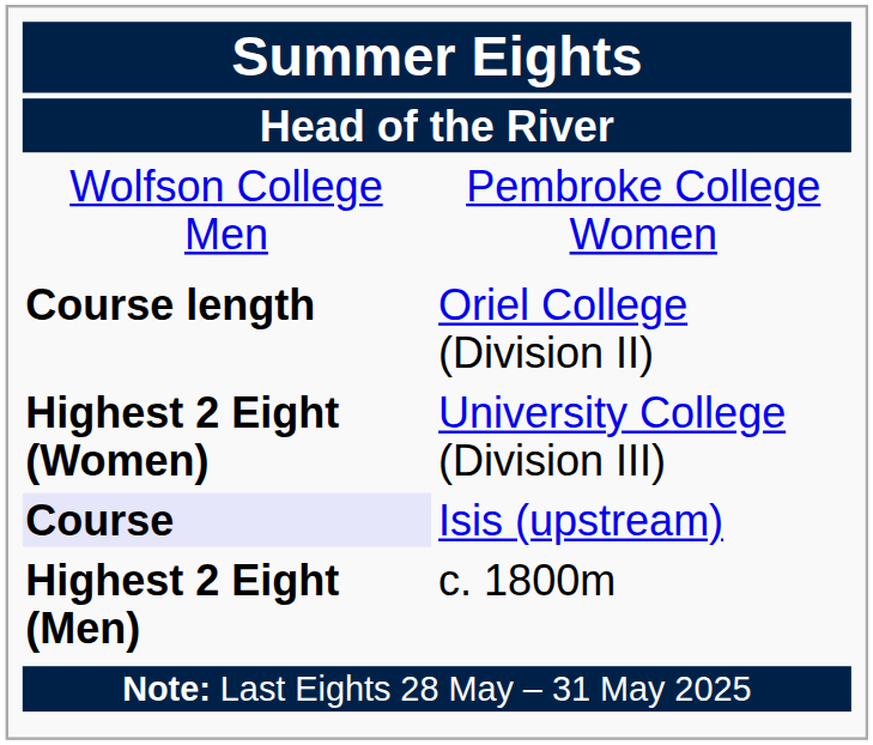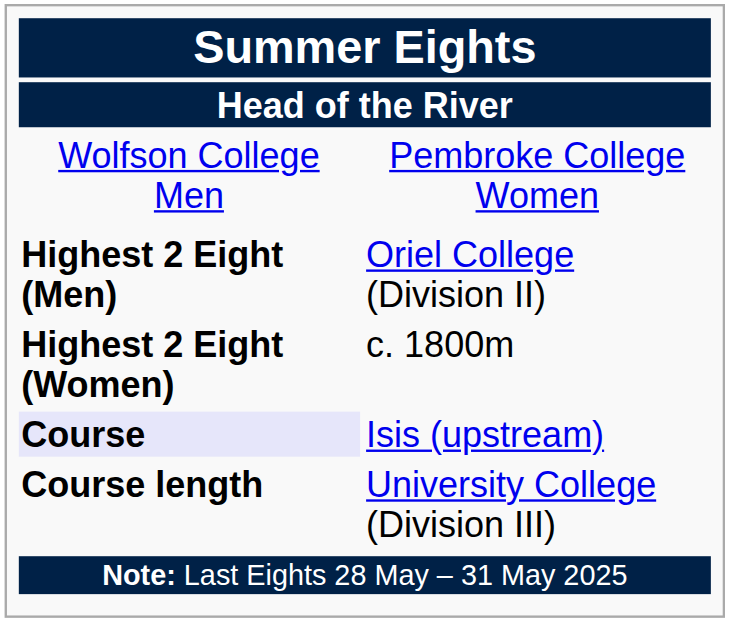 <table class="infobox" style="width: 20em; font-size: 95%;">
 <tr>
 <td colspan="2" style="text-align: center; font-size: 130%;background: #002147;color:white"><strong>Summer Eights</strong></td>
 </tr>
 <tr>
 <td colspan="2" style="text-align: center; font-size: 100%; background: #002147; color:white "><strong>Head of the River</strong></td>
 </tr>
 <tr>
 <td style="text-align: center"><a href='#'>Wolfson College Men</a></td>
 <td style="text-align: center"><a href='#'>Pembroke College Women</a></td>
 </tr>
 <tr>
 <td style="width:25%; vertical-align:middle; text-align:center;"></td>
 <td style="width:25%; vertical-align:middle; text-align:center;"></td>
 </tr>
 <tr>
-<td><strong>Course length</strong></td>
+<td><strong>Highest 2 Eight (Men)</strong></td>
 <td><a href='#'>Oriel College</a> (Division II) </td>
 </tr>
 <tr>
 <td><strong>Highest 2 Eight (Women)</strong></td>
-<td><a href='#'>University College</a> (Division III) </td>
+<td>c. 1800m</td>
 </tr>
 <tr>
 <td style="background: lavender;"><strong>Course</strong></td>
 <td><a href='#'>Isis (upstream)</a></td>
 </tr>
 <tr>
-<td><strong>Highest 2 Eight (Men)</strong></td>
-<td>c. 1800m</td>
+<td><strong>Course length</strong></td>
+<td><a href='#'>University College</a> (Division III) </td>
 </tr>
 <tr>
 </tr>
 <tr>
 <td colspan="2" style="text-align: center; font-size: 80%; background: #002147; color:white "><strong>Note:</strong> Last Eights 28 May – 31 May 2025</td>
 </tr>
 <tr>
 <td colspan="2" style="text-align: center"></td>
 </tr>
 </table>
